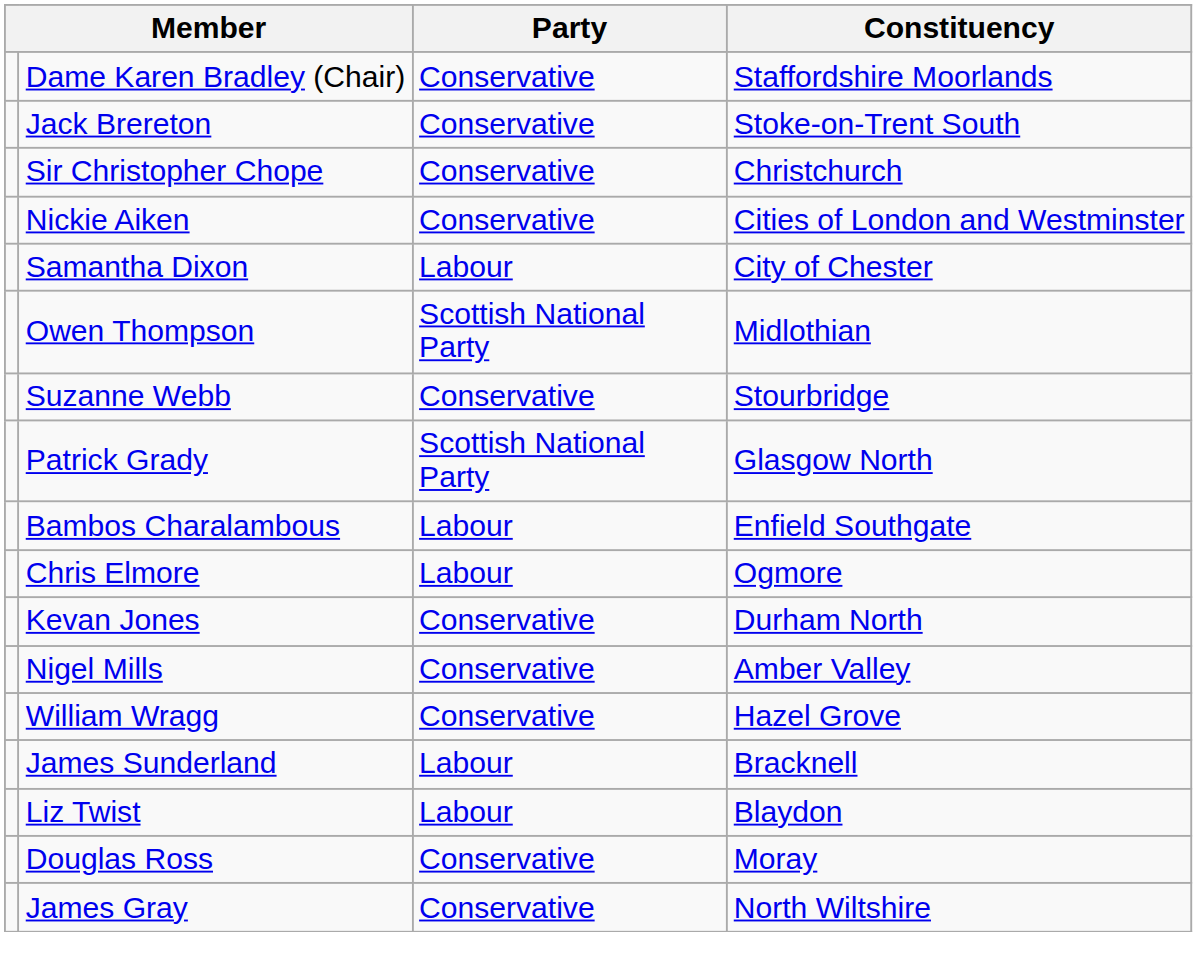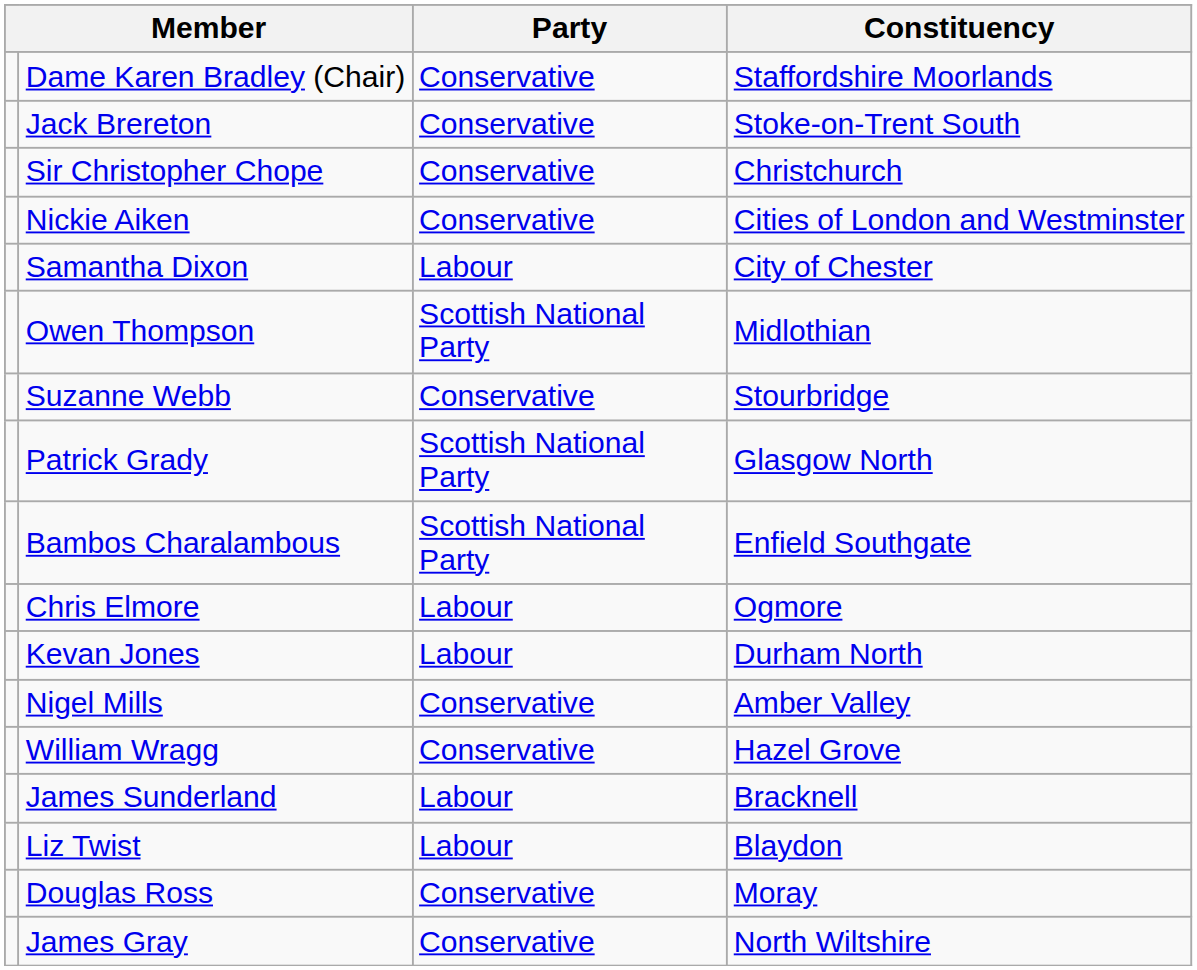 <table class="wikitable">
 <tr>
 <th colspan="2" width="160px" valign="top">Member</th>
 <th width="160px" valign="top">Party</th>
 <th valign="top">Constituency</th>
 </tr>
 <tr>
 <td style="color:inherit;background:"></td>
 <td><a href='#'>Dame Karen Bradley</a> (Chair)</td>
 <td><a href='#'>Conservative</a></td>
 <td><a href='#'>Staffordshire Moorlands</a></td>
 </tr>
 <tr>
 <td style="color:inherit;background:"></td>
 <td><a href='#'>Jack Brereton</a></td>
 <td><a href='#'>Conservative</a></td>
 <td><a href='#'>Stoke-on-Trent South</a></td>
 </tr>
 <tr>
 <td style="color:inherit;background:"></td>
 <td><a href='#'>Sir Christopher Chope</a></td>
 <td><a href='#'>Conservative</a></td>
 <td><a href='#'>Christchurch</a></td>
 </tr>
 <tr>
 <td style="color:inherit;background:"></td>
 <td><a href='#'>Nickie Aiken</a></td>
 <td><a href='#'>Conservative</a></td>
 <td><a href='#'>Cities of London and Westminster</a></td>
 </tr>
 <tr>
 <td style="color:inherit;background:"></td>
 <td><a href='#'>Samantha Dixon</a></td>
 <td><a href='#'>Labour</a></td>
 <td><a href='#'>City of Chester</a></td>
 </tr>
 <tr>
 <td style="color:inherit;background:"></td>
 <td><a href='#'>Owen Thompson</a></td>
 <td><a href='#'>Scottish National Party</a></td>
 <td><a href='#'>Midlothian</a></td>
 </tr>
 <tr>
 <td style="color:inherit;background:"></td>
 <td><a href='#'>Suzanne Webb</a></td>
 <td><a href='#'>Conservative</a></td>
 <td><a href='#'>Stourbridge</a></td>
 </tr>
 <tr>
 <td style="color:inherit;background:"></td>
 <td><a href='#'>Patrick Grady</a></td>
 <td><a href='#'>Scottish National Party</a></td>
 <td><a href='#'>Glasgow North</a></td>
 </tr>
 <tr>
 <td style="color:inherit;background:"></td>
 <td><a href='#'>Bambos Charalambous</a></td>
-<td><a href='#'>Labour</a></td>
+<td><a href='#'>Scottish National Party</a></td>
 <td><a href='#'>Enfield Southgate</a></td>
 </tr>
 <tr>
 <td style="color:inherit;background:"></td>
 <td><a href='#'>Chris Elmore</a></td>
 <td><a href='#'>Labour</a></td>
 <td><a href='#'>Ogmore</a></td>
 </tr>
 <tr>
 <td style="color:inherit;background:"></td>
 <td><a href='#'>Kevan Jones</a></td>
-<td><a href='#'>Conservative</a></td>
+<td><a href='#'>Labour</a></td>
 <td><a href='#'>Durham North</a></td>
 </tr>
 <tr>
 <td style="color:inherit;background:"></td>
 <td><a href='#'>Nigel Mills</a></td>
 <td><a href='#'>Conservative</a></td>
 <td><a href='#'>Amber Valley</a></td>
 </tr>
 <tr>
 <td style="color:inherit;background:"></td>
 <td><a href='#'>William Wragg</a></td>
 <td><a href='#'>Conservative</a></td>
 <td><a href='#'>Hazel Grove</a></td>
 </tr>
 <tr>
 <td style="color:inherit;background:"></td>
 <td><a href='#'>James Sunderland</a></td>
 <td><a href='#'>Labour</a></td>
 <td><a href='#'>Bracknell</a></td>
 </tr>
 <tr>
 <td style="color:inherit;background:"></td>
 <td><a href='#'>Liz Twist</a></td>
 <td><a href='#'>Labour</a></td>
 <td><a href='#'>Blaydon</a></td>
 </tr>
 <tr>
 <td style="color:inherit;background:"></td>
 <td><a href='#'>Douglas Ross</a></td>
 <td><a href='#'>Conservative</a></td>
 <td><a href='#'>Moray</a></td>
 </tr>
 <tr>
 <td style="color:inherit;background:"></td>
 <td><a href='#'>James Gray</a></td>
 <td><a href='#'>Conservative</a></td>
 <td><a href='#'>North Wiltshire</a></td>
 </tr>
 </table>
